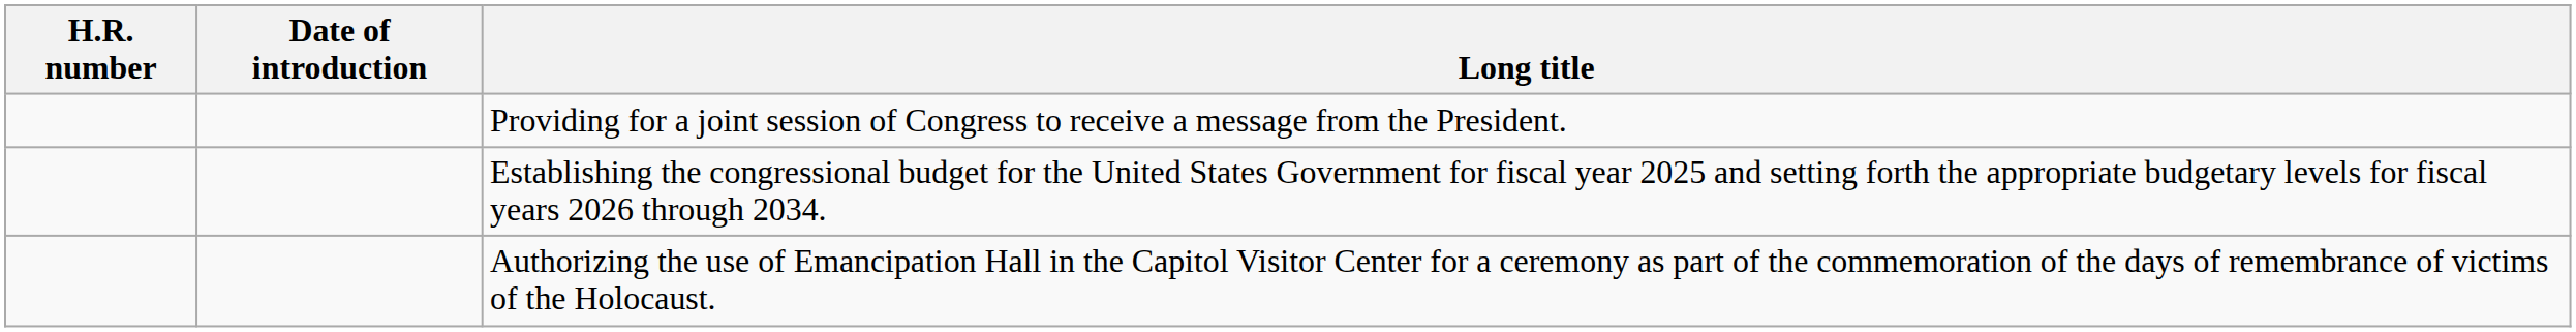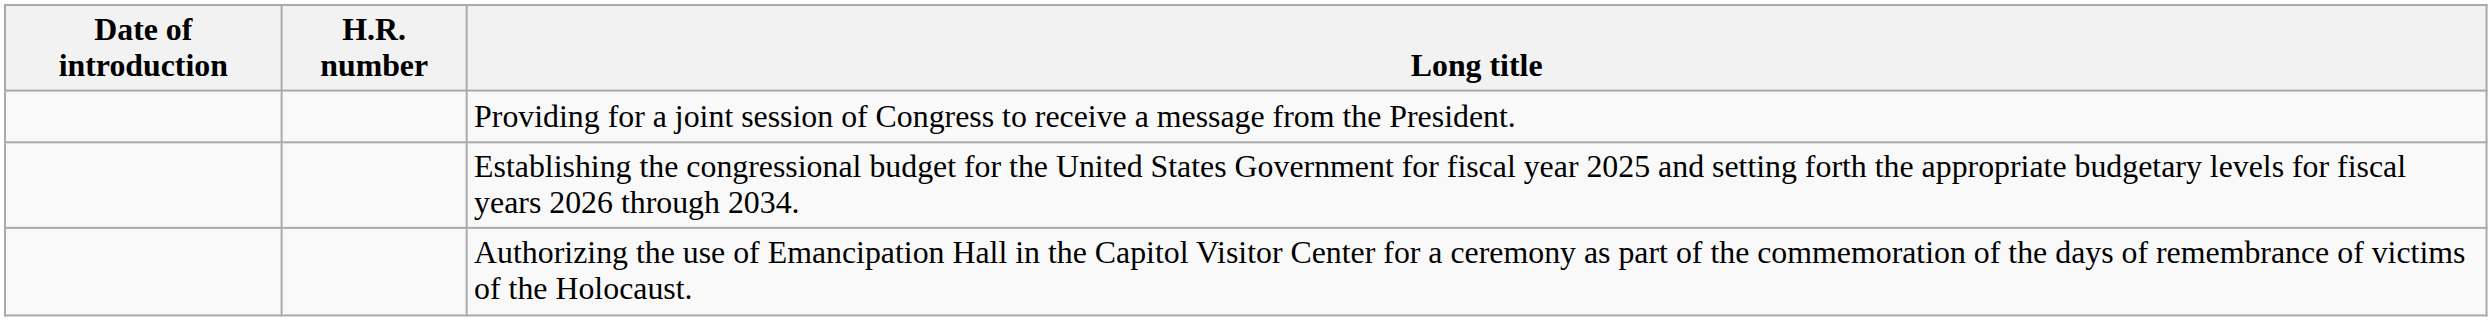 <table class="wikitable">
 <tr valign="bottom">
+<th>Date of introduction</th>
 <th>H.R. number</th>
-<th>Date of introduction</th>
 <th>Long title</th>
 </tr>
 <tr>
 <td></td>
 <td></td>
 <td>Providing for a joint session of Congress to receive a message from the President.</td>
 </tr>
 <tr>
 <td></td>
 <td></td>
 <td>Establishing the congressional budget for the United States Government for fiscal year 2025 and setting forth the appropriate budgetary levels for fiscal years 2026 through 2034.</td>
 </tr>
 <tr>
 <td></td>
 <td></td>
 <td>Authorizing the use of Emancipation Hall in the Capitol Visitor Center for a ceremony as part of the commemoration of the days of remembrance of victims of the Holocaust.</td>
 </tr>
 </table>
